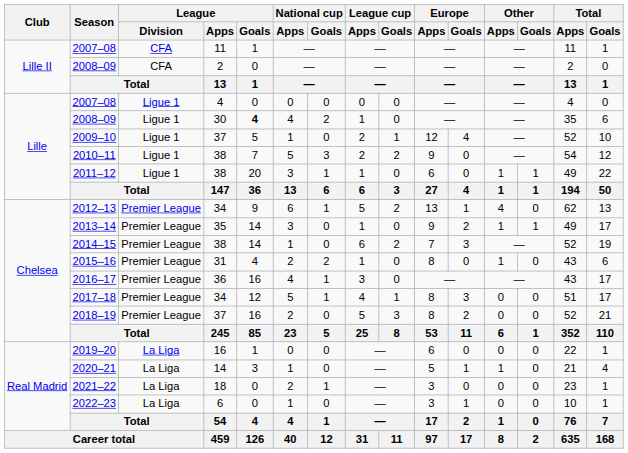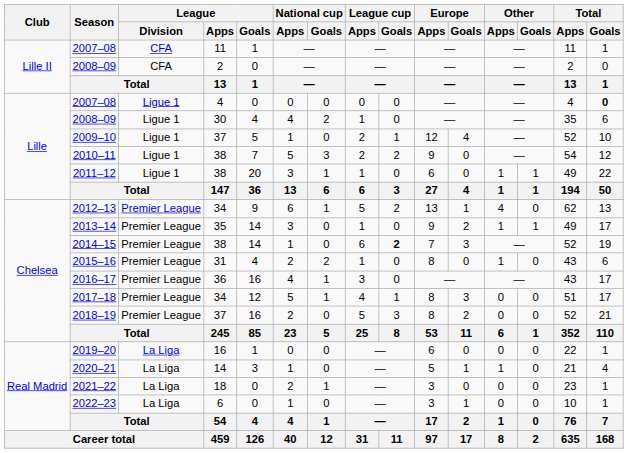 <table class="wikitable" style="text-align: center;">
 <tr>
 <th rowspan="2">Club</th>
 <th rowspan="2">Season</th>
 <th colspan="3">League</th>
 <th colspan="2">National cup</th>
 <th colspan="2">League cup</th>
 <th colspan="2">Europe</th>
 <th colspan="2">Other</th>
 <th colspan="2">Total</th>
 </tr>
 <tr>
 <th>Division</th>
 <th>Apps</th>
 <th>Goals</th>
 <th>Apps</th>
 <th>Goals</th>
 <th>Apps</th>
 <th>Goals</th>
 <th>Apps</th>
 <th>Goals</th>
 <th>Apps</th>
 <th>Goals</th>
 <th>Apps</th>
 <th>Goals</th>
 </tr>
 <tr>
 <td rowspan="3"><a href='#'>Lille II</a></td>
 <td><a href='#'>2007–08</a></td>
 <td><a href='#'>CFA</a></td>
 <td>11</td>
 <td>1</td>
 <td colspan="2">—</td>
 <td colspan="2">—</td>
 <td colspan="2">—</td>
 <td colspan="2">—</td>
 <td>11</td>
 <td>1</td>
 </tr>
 <tr>
 <td><a href='#'>2008–09</a></td>
 <td>CFA</td>
 <td>2</td>
 <td>0</td>
 <td colspan="2">—</td>
 <td colspan="2">—</td>
 <td colspan="2">—</td>
 <td colspan="2">—</td>
 <td>2</td>
 <td>0</td>
 </tr>
 <tr>
 <th colspan="2">Total</th>
 <th>13</th>
 <th>1</th>
 <th colspan="2">—</th>
 <th colspan="2">—</th>
 <th colspan="2">—</th>
 <th colspan="2">—</th>
 <th>13</th>
 <th>1</th>
 </tr>
 <tr>
 <td rowspan="6"><a href='#'>Lille</a></td>
 <td><a href='#'>2007–08</a></td>
 <td><a href='#'>Ligue 1</a></td>
 <td>4</td>
 <td>0</td>
 <td>0</td>
 <td>0</td>
 <td>0</td>
 <td>0</td>
 <td colspan="2">—</td>
 <td colspan="2">—</td>
 <td>4</td>
-<td>0</td>
+<td><strong>0</strong></td>
 </tr>
 <tr>
 <td><a href='#'>2008–09</a></td>
 <td>Ligue 1</td>
 <td>30</td>
-<td><strong>4</strong></td>
+<td>4</td>
 <td>4</td>
 <td>2</td>
 <td>1</td>
 <td>0</td>
 <td colspan="2">—</td>
 <td colspan="2">—</td>
 <td>35</td>
 <td>6</td>
 </tr>
 <tr>
 <td><a href='#'>2009–10</a></td>
 <td>Ligue 1</td>
 <td>37</td>
 <td>5</td>
 <td>1</td>
 <td>0</td>
 <td>2</td>
 <td>1</td>
 <td>12</td>
 <td>4</td>
 <td colspan="2">—</td>
 <td>52</td>
 <td>10</td>
 </tr>
 <tr>
 <td><a href='#'>2010–11</a></td>
 <td>Ligue 1</td>
 <td>38</td>
 <td>7</td>
 <td>5</td>
 <td>3</td>
 <td>2</td>
 <td>2</td>
 <td>9</td>
 <td>0</td>
 <td colspan="2">—</td>
 <td>54</td>
 <td>12</td>
 </tr>
 <tr>
 <td><a href='#'>2011–12</a></td>
 <td>Ligue 1</td>
 <td>38</td>
 <td>20</td>
 <td>3</td>
 <td>1</td>
 <td>1</td>
 <td>0</td>
 <td>6</td>
 <td>0</td>
 <td>1</td>
 <td>1</td>
 <td>49</td>
 <td>22</td>
 </tr>
 <tr>
 <th colspan="2">Total</th>
 <th>147</th>
 <th>36</th>
 <th>13</th>
 <th>6</th>
 <th>6</th>
 <th>3</th>
 <th>27</th>
 <th>4</th>
 <th>1</th>
 <th>1</th>
 <th>194</th>
 <th>50</th>
 </tr>
 <tr>
 <td rowspan="8"><a href='#'>Chelsea</a></td>
 <td><a href='#'>2012–13</a></td>
 <td><a href='#'>Premier League</a></td>
 <td>34</td>
 <td>9</td>
 <td>6</td>
 <td>1</td>
 <td>5</td>
 <td>2</td>
 <td>13</td>
 <td>1</td>
 <td>4</td>
 <td>0</td>
 <td>62</td>
 <td>13</td>
 </tr>
 <tr>
 <td><a href='#'>2013–14</a></td>
 <td>Premier League</td>
 <td>35</td>
 <td>14</td>
 <td>3</td>
 <td>0</td>
 <td>1</td>
 <td>0</td>
 <td>9</td>
 <td>2</td>
 <td>1</td>
 <td>1</td>
 <td>49</td>
 <td>17</td>
 </tr>
 <tr>
 <td><a href='#'>2014–15</a></td>
 <td>Premier League</td>
 <td>38</td>
 <td>14</td>
 <td>1</td>
 <td>0</td>
 <td>6</td>
-<td>2</td>
+<td><strong>2</strong></td>
 <td>7</td>
 <td>3</td>
 <td colspan="2">—</td>
 <td>52</td>
 <td>19</td>
 </tr>
 <tr>
 <td><a href='#'>2015–16</a></td>
 <td>Premier League</td>
 <td>31</td>
 <td>4</td>
 <td>2</td>
 <td>2</td>
 <td>1</td>
 <td>0</td>
 <td>8</td>
 <td>0</td>
 <td>1</td>
 <td>0</td>
 <td>43</td>
 <td>6</td>
 </tr>
 <tr>
 <td><a href='#'>2016–17</a></td>
 <td>Premier League</td>
 <td>36</td>
 <td>16</td>
 <td>4</td>
 <td>1</td>
 <td>3</td>
 <td>0</td>
 <td colspan="2">—</td>
 <td colspan="2">—</td>
 <td>43</td>
 <td>17</td>
 </tr>
 <tr>
 <td><a href='#'>2017–18</a></td>
 <td>Premier League</td>
 <td>34</td>
 <td>12</td>
 <td>5</td>
 <td>1</td>
 <td>4</td>
 <td>1</td>
 <td>8</td>
 <td>3</td>
 <td>0</td>
 <td>0</td>
 <td>51</td>
 <td>17</td>
 </tr>
 <tr>
 <td><a href='#'>2018–19</a></td>
 <td>Premier League</td>
 <td>37</td>
 <td>16</td>
 <td>2</td>
 <td>0</td>
 <td>5</td>
 <td>3</td>
 <td>8</td>
 <td>2</td>
 <td>0</td>
 <td>0</td>
 <td>52</td>
 <td>21</td>
 </tr>
 <tr>
 <th colspan="2">Total</th>
 <th>245</th>
 <th>85</th>
 <th>23</th>
 <th>5</th>
 <th>25</th>
 <th>8</th>
 <th>53</th>
 <th>11</th>
 <th>6</th>
 <th>1</th>
 <th>352</th>
 <th>110</th>
 </tr>
 <tr>
 <td rowspan="5"><a href='#'>Real Madrid</a></td>
 <td><a href='#'>2019–20</a></td>
 <td><a href='#'>La Liga</a></td>
 <td>16</td>
 <td>1</td>
 <td>0</td>
 <td>0</td>
 <td colspan="2">—</td>
 <td>6</td>
 <td>0</td>
 <td>0</td>
 <td>0</td>
 <td>22</td>
 <td>1</td>
 </tr>
 <tr>
 <td><a href='#'>2020–21</a></td>
 <td>La Liga</td>
 <td>14</td>
 <td>3</td>
 <td>1</td>
 <td>0</td>
 <td colspan="2">—</td>
 <td>5</td>
 <td>1</td>
 <td>1</td>
 <td>0</td>
 <td>21</td>
 <td>4</td>
 </tr>
 <tr>
 <td><a href='#'>2021–22</a></td>
 <td>La Liga</td>
 <td>18</td>
 <td>0</td>
 <td>2</td>
 <td>1</td>
 <td colspan="2">—</td>
 <td>3</td>
 <td>0</td>
 <td>0</td>
 <td>0</td>
 <td>23</td>
 <td>1</td>
 </tr>
 <tr>
 <td><a href='#'>2022–23</a></td>
 <td>La Liga</td>
 <td>6</td>
 <td>0</td>
 <td>1</td>
 <td>0</td>
 <td colspan="2">—</td>
 <td>3</td>
 <td>1</td>
 <td>0</td>
 <td>0</td>
 <td>10</td>
 <td>1</td>
 </tr>
 <tr>
 <th colspan="2">Total</th>
 <th>54</th>
 <th>4</th>
 <th>4</th>
 <th>1</th>
 <th colspan="2">—</th>
 <th>17</th>
 <th>2</th>
 <th>1</th>
 <th>0</th>
 <th>76</th>
 <th>7</th>
 </tr>
 <tr>
 <th colspan="3">Career total</th>
 <th>459</th>
 <th>126</th>
 <th>40</th>
 <th>12</th>
 <th>31</th>
 <th>11</th>
 <th>97</th>
 <th>17</th>
 <th>8</th>
 <th>2</th>
 <th>635</th>
 <th>168</th>
 </tr>
 </table>
